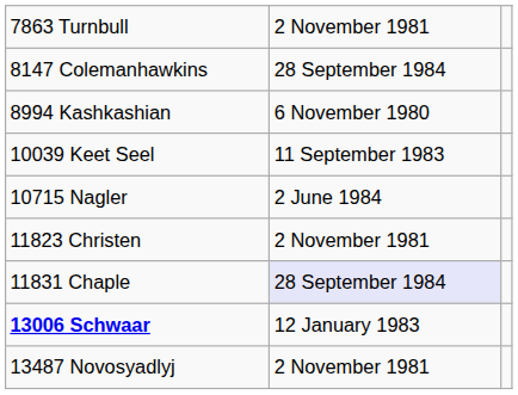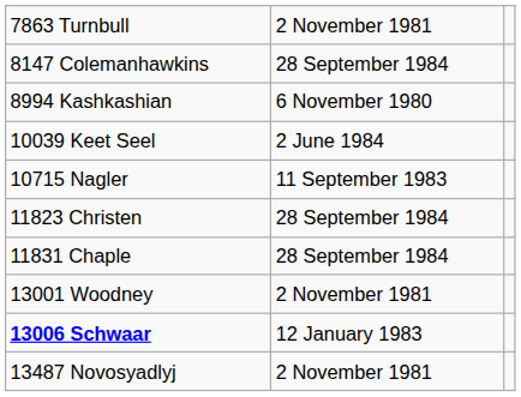 <table class="wikitable" style="font-size: 89%; float: left; width: 26em; margin-right: 1em; height: 280px;">
 <tr>
 <td>7863 Turnbull</td>
 <td>2 November 1981</td>
 <td></td>
 </tr>
 <tr>
 <td>8147 Colemanhawkins</td>
 <td>28 September 1984</td>
 <td></td>
 </tr>
 <tr>
 <td>8994 Kashkashian</td>
 <td>6 November 1980</td>
 <td></td>
 </tr>
 <tr>
 <td>10039 Keet Seel</td>
+<td>2 June 1984</td>
+<td></td>
+</tr>
+<tr>
+<td>10715 Nagler</td>
 <td>11 September 1983</td>
 <td></td>
 </tr>
 <tr>
-<td>10715 Nagler</td>
-<td>2 June 1984</td>
-<td></td>
-</tr>
-<tr>
 <td>11823 Christen</td>
-<td>2 November 1981</td>
+<td>28 September 1984</td>
 <td></td>
 </tr>
 <tr>
 <td>11831 Chaple</td>
-<td style="background: lavender;">28 September 1984</td>
+<td>28 September 1984</td>
+<td></td>
+</tr>
+<tr>
+<td>13001 Woodney</td>
+<td>2 November 1981</td>
 <td></td>
 </tr>
 <tr>
 <td><strong><a href='#'>13006 Schwaar</a></strong></td>
 <td>12 January 1983</td>
 <td></td>
 </tr>
 <tr>
 <td>13487 Novosyadlyj</td>
 <td>2 November 1981</td>
 <td></td>
 </tr>
 </table>
